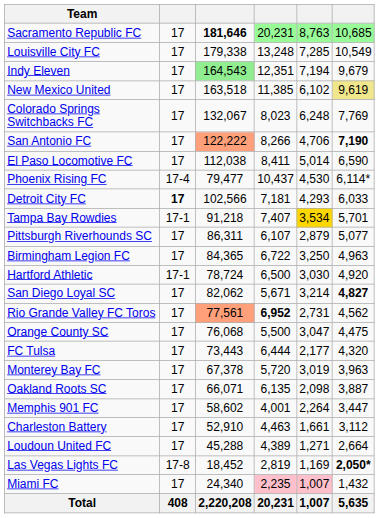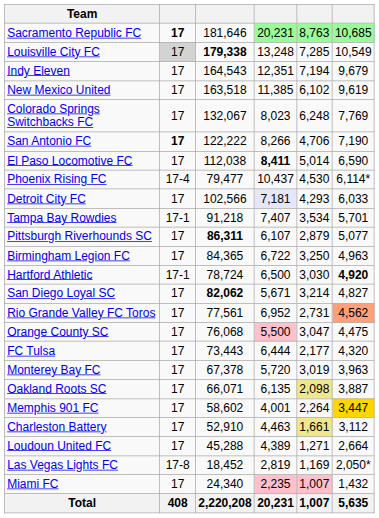 <table class="wikitable sortable">
 <tr>
 <th width=200>Team</th>
 <th width=40></th>
 <th width=40></th>
 <th width=40></th>
 <th width=40></th>
 <th width=40></th>
 </tr>
 <tr align="center">
 <td align="left"><a href='#'>Sacramento Republic FC</a></td>
-<td>17</td>
-<td><strong>181,646</strong></td>
+<td><strong>17</strong></td>
+<td>181,646</td>
 <td bgcolor="#98fb98">20,231</td>
 <td bgcolor="#98fb98">8,763</td>
 <td bgcolor="#98fb98">10,685</td>
 </tr>
 <tr align="center">
 <td align="left"><a href='#'>Louisville City FC</a></td>
-<td>17</td>
-<td>179,338</td>
+<td style="background: lightgrey;">17</td>
+<td><strong>179,338</strong></td>
 <td>13,248</td>
 <td>7,285</td>
 <td>10,549</td>
 </tr>
 <tr align="center">
 <td align="left"><a href='#'>Indy Eleven</a></td>
 <td>17</td>
-<td style="background: lightgreen;">164,543</td>
+<td>164,543</td>
 <td>12,351</td>
 <td>7,194</td>
 <td>9,679</td>
 </tr>
 <tr align="center">
 <td align="left"><a href='#'>New Mexico United</a></td>
 <td>17</td>
 <td>163,518</td>
 <td>11,385</td>
 <td>6,102</td>
-<td style="background: khaki;">9,619</td>
+<td>9,619</td>
 </tr>
 <tr align="center">
 <td align="left"><a href='#'>Colorado Springs Switchbacks FC</a></td>
 <td>17</td>
 <td>132,067</td>
 <td>8,023</td>
 <td>6,248</td>
 <td>7,769</td>
 </tr>
 <tr align="center">
 <td align="left"><a href='#'>San Antonio FC</a></td>
-<td>17</td>
-<td style="background: lightsalmon;">122,222</td>
+<td><strong>17</strong></td>
+<td>122,222</td>
 <td>8,266</td>
 <td>4,706</td>
-<td><strong>7,190</strong></td>
+<td>7,190</td>
 </tr>
 <tr align="center">
 <td align="left"><a href='#'>El Paso Locomotive FC</a></td>
 <td>17</td>
 <td>112,038</td>
-<td>8,411</td>
+<td><strong>8,411</strong></td>
 <td>5,014</td>
 <td>6,590</td>
 </tr>
 <tr align="center">
 <td align="left"><a href='#'>Phoenix Rising FC</a></td>
 <td>17-4</td>
 <td>79,477</td>
 <td>10,437</td>
 <td>4,530</td>
 <td>6,114*</td>
 </tr>
 <tr align="center">
 <td align="left"><a href='#'>Detroit City FC</a></td>
-<td><strong>17</strong></td>
+<td>17</td>
 <td>102,566</td>
-<td>7,181</td>
+<td style="background: lavender;">7,181</td>
 <td>4,293</td>
 <td>6,033</td>
 </tr>
 <tr align="center">
 <td align="left"><a href='#'>Tampa Bay Rowdies</a></td>
 <td>17-1</td>
 <td>91,218</td>
 <td>7,407</td>
-<td style="background: gold;">3,534</td>
+<td>3,534</td>
 <td>5,701</td>
 </tr>
 <tr align="center">
 <td align="left"><a href='#'>Pittsburgh Riverhounds SC</a></td>
 <td>17</td>
-<td>86,311</td>
+<td><strong>86,311</strong></td>
 <td>6,107</td>
 <td>2,879</td>
 <td>5,077</td>
 </tr>
 <tr align="center">
 <td align="left"><a href='#'>Birmingham Legion FC</a></td>
 <td>17</td>
 <td>84,365</td>
 <td>6,722</td>
 <td>3,250</td>
 <td>4,963</td>
 </tr>
 <tr align="center">
 <td align="left"><a href='#'>Hartford Athletic</a></td>
 <td>17-1</td>
 <td>78,724</td>
 <td>6,500</td>
 <td>3,030</td>
-<td>4,920</td>
+<td><strong>4,920</strong></td>
 </tr>
 <tr align="center">
 <td align="left"><a href='#'>San Diego Loyal SC</a></td>
 <td>17</td>
-<td>82,062</td>
+<td><strong>82,062</strong></td>
 <td>5,671</td>
 <td>3,214</td>
-<td><strong>4,827</strong></td>
+<td>4,827</td>
 </tr>
 <tr align="center">
 <td align="left"><a href='#'>Rio Grande Valley FC Toros</a></td>
 <td>17</td>
-<td style="background: lightsalmon;">77,561</td>
-<td><strong>6,952</strong></td>
+<td>77,561</td>
+<td>6,952</td>
 <td>2,731</td>
-<td>4,562</td>
+<td style="background: lightsalmon;">4,562</td>
 </tr>
 <tr align="center">
 <td align="left"><a href='#'>Orange County SC</a></td>
 <td>17</td>
 <td>76,068</td>
-<td>5,500</td>
+<td style="background: pink;">5,500</td>
 <td>3,047</td>
 <td>4,475</td>
 </tr>
 <tr align="center">
 <td align="left"><a href='#'>FC Tulsa</a></td>
 <td>17</td>
 <td>73,443</td>
 <td>6,444</td>
 <td>2,177</td>
 <td>4,320</td>
 </tr>
 <tr align="center">
 <td align="left"><a href='#'>Monterey Bay FC</a></td>
 <td>17</td>
 <td>67,378</td>
 <td>5,720</td>
 <td>3,019</td>
 <td>3,963</td>
 </tr>
 <tr align="center">
 <td align=left><a href='#'>Oakland Roots SC</a></td>
 <td>17</td>
 <td>66,071</td>
 <td>6,135</td>
-<td>2,098</td>
+<td style="background: khaki;">2,098</td>
 <td>3,887</td>
 </tr>
 <tr align="center">
 <td align="left"><a href='#'>Memphis 901 FC</a></td>
 <td>17</td>
 <td>58,602</td>
 <td>4,001</td>
 <td>2,264</td>
-<td>3,447</td>
+<td style="background: gold;">3,447</td>
 </tr>
 <tr align="center">
 <td align="left"><a href='#'>Charleston Battery</a></td>
 <td>17</td>
 <td>52,910</td>
 <td>4,463</td>
-<td>1,661</td>
+<td style="background: khaki;">1,661</td>
 <td>3,112</td>
 </tr>
 <tr align="center">
 <td align="left"><a href='#'>Loudoun United FC</a></td>
 <td>17</td>
 <td>45,288</td>
 <td>4,389</td>
 <td>1,271</td>
 <td>2,664</td>
 </tr>
 <tr align="center">
 <td align="left"><a href='#'>Las Vegas Lights FC</a></td>
 <td>17-8</td>
 <td>18,452</td>
 <td>2,819</td>
 <td>1,169</td>
-<td><strong>2,050*</strong></td>
+<td>2,050*</td>
 </tr>
 <tr align="center">
 <td align="left"><a href='#'>Miami FC</a></td>
 <td>17</td>
 <td>24,340</td>
 <td bgcolor="#ffc0cb">2,235</td>
 <td bgcolor="#ffc0cb">1,007</td>
 <td>1,432</td>
 </tr>
 <tr align="center">
 <th align="left">Total</th>
 <th>408</th>
 <th>2,220,208</th>
 <th>20,231</th>
 <th>1,007</th>
 <th>5,635</th>
 </tr>
 </table>
